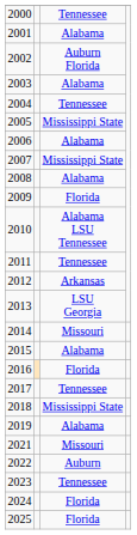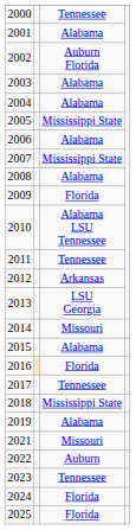 <table class="wikitable sortable">
 <tr>
 </tr>
 <tr align=center>
 <td>2000</td>
 <td></td>
 <td><a href='#'>Tennessee</a></td>
 <td rowspan="14"></td>
 </tr>
 <tr align=center>
 <td>2001</td>
 <td></td>
 <td><a href='#'>Alabama</a></td>
 </tr>
 <tr align=center>
 <td>2002</td>
 <td> <br></td>
 <td><a href='#'>Auburn</a><br><a href='#'>Florida</a></td>
 </tr>
 <tr align=center>
 <td>2003</td>
 <td></td>
 <td><a href='#'>Alabama</a></td>
 </tr>
 <tr align=center>
 <td>2004</td>
 <td></td>
-<td><a href='#'>Tennessee</a></td>
+<td><a href='#'>Alabama</a></td>
 </tr>
 <tr align=center>
 <td>2005</td>
 <td></td>
 <td><a href='#'>Mississippi State</a></td>
 </tr>
 <tr align=center>
 <td>2006</td>
 <td></td>
 <td><a href='#'>Alabama</a></td>
 </tr>
 <tr align=center>
 <td>2007</td>
 <td></td>
 <td><a href='#'>Mississippi State</a></td>
 </tr>
 <tr align=center>
 <td>2008</td>
 <td></td>
 <td><a href='#'>Alabama</a></td>
 </tr>
 <tr align=center>
 <td>2009</td>
 <td></td>
 <td><a href='#'>Florida</a></td>
 </tr>
 <tr align=center>
 <td>2010</td>
 <td><br><br></td>
 <td><a href='#'>Alabama</a><br><a href='#'>LSU</a><br><a href='#'>Tennessee</a></td>
 </tr>
 <tr align=center>
 <td>2011</td>
 <td></td>
 <td><a href='#'>Tennessee</a></td>
 </tr>
 <tr align=center>
 <td>2012</td>
 <td></td>
 <td><a href='#'>Arkansas</a></td>
 </tr>
 <tr align=center>
 <td>2013</td>
 <td><br></td>
 <td><a href='#'>LSU</a><br><a href='#'>Georgia</a></td>
 </tr>
 <tr align=center>
 <td>2014</td>
 <td></td>
 <td><a href='#'>Missouri</a></td>
 <td style="text-align:center;"></td>
 </tr>
 <tr align=center>
 <td>2015</td>
 <td></td>
 <td><a href='#'>Alabama</a></td>
 <td style="text-align:center;"></td>
 </tr>
 <tr align=center>
 <td>2016</td>
 <td style="background:#ffe6bd;"></td>
 <td><a href='#'>Florida</a></td>
 <td style="text-align:center;"></td>
 </tr>
 <tr align=center>
 <td>2017</td>
 <td></td>
 <td><a href='#'>Tennessee</a></td>
 <td style="text-align:center;"></td>
 </tr>
 <tr align=center>
 <td>2018</td>
 <td></td>
 <td><a href='#'>Mississippi State</a></td>
 <td style="text-align:center;"></td>
 </tr>
 <tr align=center>
 <td>2019</td>
 <td></td>
 <td><a href='#'>Alabama</a></td>
 <td style="text-align:center;"></td>
 </tr>
 <tr align=center>
 <td>2021</td>
 <td></td>
 <td><a href='#'>Missouri</a></td>
 <td style="text-align:center;"></td>
 </tr>
 <tr align=center>
 <td>2022</td>
 <td></td>
 <td><a href='#'>Auburn</a></td>
 <td style="text-align:center;"></td>
 </tr>
 <tr align=center>
 <td>2023</td>
 <td></td>
 <td><a href='#'>Tennessee</a></td>
 <td style="text-align:center;"></td>
 </tr>
 <tr align=center>
 <td>2024</td>
 <td></td>
 <td><a href='#'>Florida</a></td>
 <td style="text-align:center;"></td>
 </tr>
 <tr align=center>
 <td>2025</td>
 <td></td>
 <td><a href='#'>Florida</a></td>
 <td style="text-align:center;"></td>
 </tr>
 </table>
